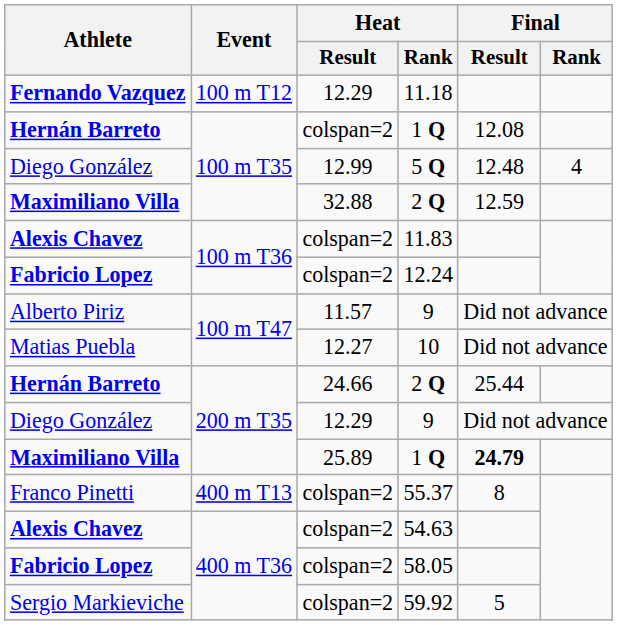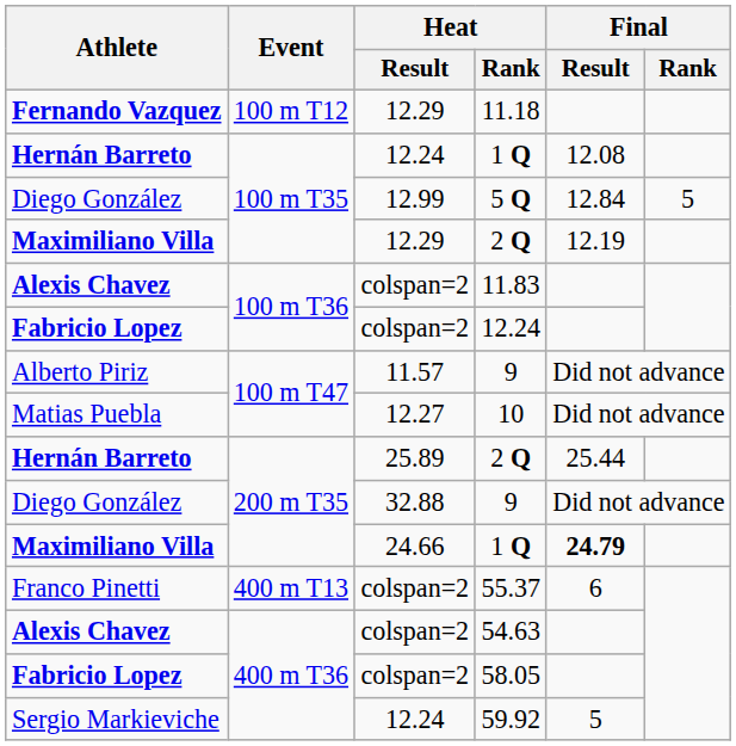 <table class="wikitable" style="font-size:90%">
 <tr>
 <th rowspan="2">Athlete</th>
 <th rowspan="2">Event</th>
 <th colspan="2">Heat</th>
 <th colspan="2">Final</th>
 </tr>
 <tr style="font-size:95%">
 <th>Result</th>
 <th>Rank</th>
 <th>Result</th>
 <th>Rank</th>
 </tr>
 <tr align=center>
 <td align=left><strong><a href='#'>Fernando Vazquez</a></strong></td>
 <td align=left><a href='#'>100 m T12</a></td>
 <td>12.29</td>
 <td>11.18</td>
 <td></td>
 </tr>
 <tr align=center>
 <td align=left><strong><a href='#'>Hernán Barreto</a></strong></td>
 <td align=left rowspan=3><a href='#'>100 m T35</a></td>
-<td>colspan=2 </td>
+<td>12.24</td>
 <td>1 <strong>Q</strong></td>
 <td>12.08</td>
 <td></td>
 </tr>
 <tr align=center>
 <td align=left><a href='#'>Diego González</a></td>
 <td>12.99</td>
 <td>5 <strong>Q</strong></td>
-<td>12.48</td>
-<td>4</td>
+<td>12.84</td>
+<td>5</td>
 </tr>
 <tr align=center>
 <td align=left><strong><a href='#'>Maximiliano Villa</a></strong></td>
-<td>32.88</td>
+<td>12.29</td>
 <td>2 <strong>Q</strong></td>
-<td>12.59</td>
+<td>12.19</td>
 <td></td>
 </tr>
 <tr align=center>
 <td align=left><strong><a href='#'>Alexis Chavez</a></strong></td>
 <td align=left rowspan=2><a href='#'>100 m T36</a></td>
 <td>colspan=2 </td>
 <td>11.83</td>
 <td></td>
 </tr>
 <tr align=center>
 <td align=left><strong><a href='#'>Fabricio Lopez</a></strong></td>
 <td>colspan=2 </td>
 <td>12.24</td>
 <td></td>
 </tr>
 <tr align=center>
 <td align=left><a href='#'>Alberto Piriz</a></td>
 <td align=left rowspan=2><a href='#'>100 m T47</a></td>
 <td>11.57</td>
 <td>9</td>
 <td colspan=2>Did not advance</td>
 </tr>
 <tr align=center>
 <td align=left><a href='#'>Matias Puebla</a></td>
 <td>12.27</td>
 <td>10</td>
 <td colspan=2>Did not advance</td>
 </tr>
 <tr align=center>
 <td align=left><strong><a href='#'>Hernán Barreto</a></strong></td>
 <td rowspan="3" align="left"><a href='#'>200 m T35</a></td>
-<td>24.66</td>
+<td>25.89</td>
 <td>2 <strong>Q</strong></td>
 <td>25.44</td>
 <td></td>
 </tr>
 <tr align=center>
 <td align=left><a href='#'>Diego González</a></td>
-<td>12.29</td>
+<td>32.88</td>
 <td>9</td>
 <td colspan="2">Did not advance</td>
 </tr>
 <tr align=center>
 <td align=left><strong><a href='#'>Maximiliano Villa</a></strong></td>
-<td>25.89</td>
+<td>24.66</td>
 <td>1 <strong>Q</strong></td>
 <td><strong>24.79</strong></td>
 <td></td>
 </tr>
 <tr align=center>
 <td align=left><a href='#'>Franco Pinetti</a></td>
 <td align=left><a href='#'>400 m T13</a></td>
 <td>colspan=2 </td>
 <td>55.37</td>
-<td>8</td>
+<td>6</td>
 </tr>
 <tr align=center>
 <td align=left><strong><a href='#'>Alexis Chavez</a></strong></td>
 <td align=left rowspan=3><a href='#'>400 m T36</a></td>
 <td>colspan=2 </td>
 <td>54.63</td>
 <td></td>
 </tr>
 <tr align=center>
 <td align=left><strong><a href='#'>Fabricio Lopez</a></strong></td>
 <td>colspan=2 </td>
 <td>58.05</td>
 <td></td>
 </tr>
 <tr align=center>
 <td align=left><a href='#'>Sergio Markieviche</a></td>
-<td>colspan=2 </td>
+<td>12.24</td>
 <td>59.92</td>
 <td>5</td>
 </tr>
 </table>
